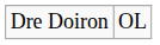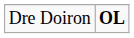 <table class="wikitable">
 <tr>
 </tr>
 <tr>
 <td>Dre Doiron</td>
-<td>OL</td>
+<td><strong>OL</strong></td>
 </tr>
 </table>
